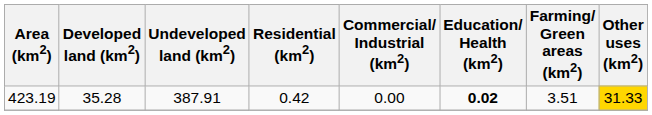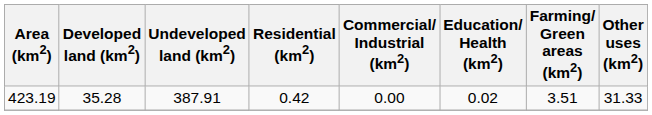 <table class="wikitable" style="text-align: center;">
 <tr>
 <th>Area (km<sup>2</sup>)</th>
 <th>Developed land (km<sup>2</sup>)</th>
 <th>Undeveloped land (km<sup>2</sup>)</th>
 <th>Residential (km<sup>2</sup>)</th>
 <th>Commercial/<br> Industrial (km<sup>2</sup>)</th>
 <th>Education/<br> Health (km<sup>2</sup>)</th>
 <th>Farming/<br> Green areas (km<sup>2</sup>)</th>
 <th>Other uses (km<sup>2</sup>)</th>
 </tr>
 <tr>
 <td>423.19</td>
 <td>35.28</td>
 <td>387.91</td>
 <td>0.42</td>
 <td>0.00</td>
-<td><strong>0.02</strong></td>
+<td>0.02</td>
 <td>3.51</td>
-<td style="background: gold;">31.33</td>
+<td>31.33</td>
 </tr>
 <tr>
 </tr>
 </table>
